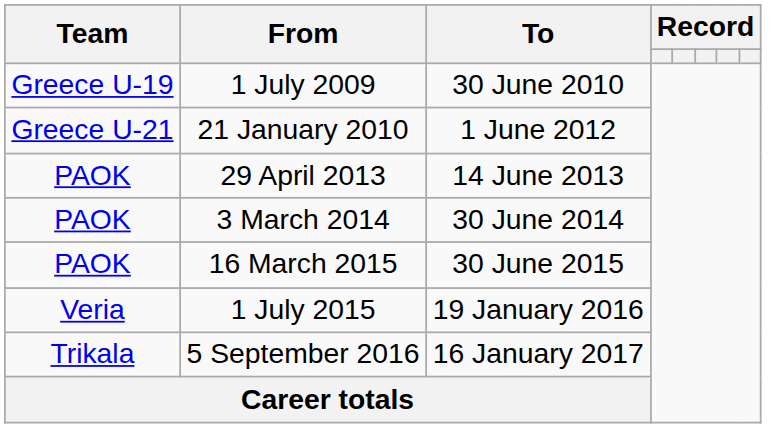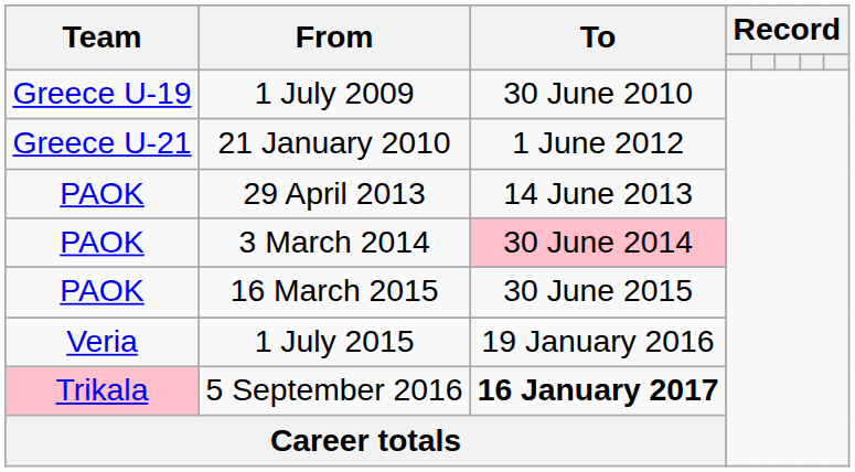 <table class="wikitable" style="text-align: center">
 <tr>
 <th rowspan=2>Team</th>
 <th rowspan=2>From</th>
 <th rowspan=2>To</th>
 <th colspan=8>Record</th>
 </tr>
 <tr>
 <th></th>
 <th></th>
 <th></th>
 <th></th>
 <th></th>
 </tr>
 <tr>
 <td><a href='#'>Greece U-19</a></td>
 <td>1 July 2009</td>
 <td>30 June 2010<br></td>
 </tr>
 <tr>
 <td><a href='#'>Greece U-21</a></td>
 <td>21 January 2010</td>
 <td>1 June 2012<br></td>
 </tr>
 <tr>
 <td><a href='#'>PAOK</a></td>
 <td>29 April 2013</td>
 <td>14 June 2013<br></td>
 </tr>
 <tr>
 <td><a href='#'>PAOK</a></td>
 <td>3 March 2014</td>
-<td>30 June 2014<br></td>
+<td style="background: pink;">30 June 2014<br></td>
 </tr>
 <tr>
 <td><a href='#'>PAOK</a></td>
 <td>16 March 2015</td>
 <td>30 June 2015<br></td>
 </tr>
 <tr>
 <td><a href='#'>Veria</a></td>
 <td>1 July 2015</td>
 <td>19 January 2016<br></td>
 </tr>
 <tr>
-<td><a href='#'>Trikala</a></td>
+<td style="background: pink;"><a href='#'>Trikala</a></td>
 <td>5 September 2016</td>
-<td>16 January 2017<br></td>
+<td><strong>16 January 2017<br></strong></td>
 </tr>
 <tr>
 <th colspan=3>Career totals<br></th>
 </tr>
 </table>
